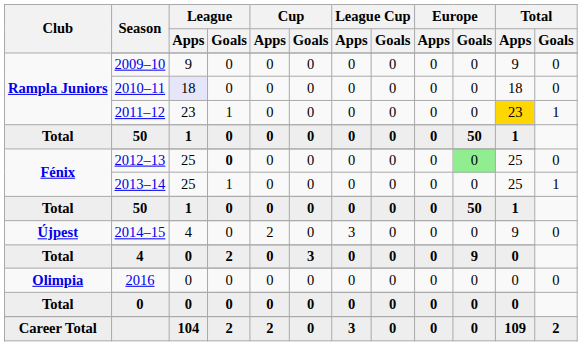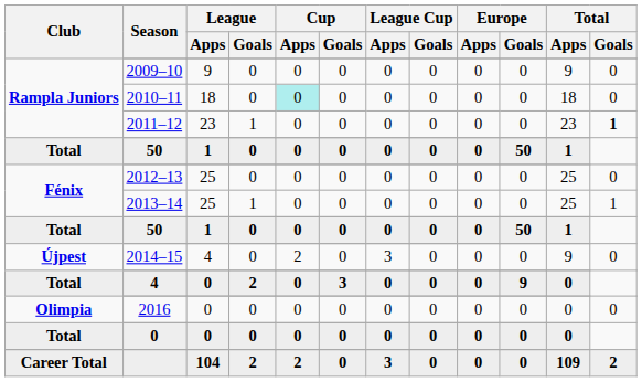 <table class="wikitable" style="font-size:90%; text-align: center;">
 <tr>
 <th rowspan="2">Club</th>
 <th rowspan="2">Season</th>
 <th colspan="2">League</th>
 <th colspan="2">Cup</th>
 <th colspan="2">League Cup</th>
 <th colspan="2">Europe</th>
 <th colspan="2">Total</th>
 </tr>
 <tr>
 <th>Apps</th>
 <th>Goals</th>
 <th>Apps</th>
 <th>Goals</th>
 <th>Apps</th>
 <th>Goals</th>
 <th>Apps</th>
 <th>Goals</th>
 <th>Apps</th>
 <th>Goals</th>
 </tr>
 <tr ||-||-||-|->
 <td rowspan="5" valign="center"><strong><a href='#'>Rampla Juniors</a></strong></td>
 </tr>
 <tr>
 <td><a href='#'>2009–10</a></td>
 <td>9</td>
 <td>0</td>
 <td>0</td>
 <td>0</td>
 <td>0</td>
 <td>0</td>
 <td>0</td>
 <td>0</td>
 <td>9</td>
 <td>0</td>
 </tr>
 <tr>
 <td><a href='#'>2010–11</a></td>
-<td style="background: lavender;">18</td>
+<td>18</td>
 <td>0</td>
-<td>0</td>
+<td style="background: paleturquoise;">0</td>
 <td>0</td>
 <td>0</td>
 <td>0</td>
 <td>0</td>
 <td>0</td>
 <td>18</td>
 <td>0</td>
 </tr>
 <tr>
 <td><a href='#'>2011–12</a></td>
 <td>23</td>
 <td>1</td>
 <td>0</td>
 <td>0</td>
 <td>0</td>
 <td>0</td>
 <td>0</td>
 <td>0</td>
-<td style="background: gold;">23</td>
-<td>1</td>
+<td>23</td>
+<td><strong>1</strong></td>
 </tr>
 <tr>
 </tr>
 <tr style="font-weight:bold; background-color:#eeeeee;">
 <td>Total</td>
 <td>50</td>
 <td>1</td>
 <td>0</td>
 <td>0</td>
 <td>0</td>
 <td>0</td>
 <td>0</td>
 <td>0</td>
 <td>50</td>
 <td>1</td>
 </tr>
 <tr>
 <td rowspan="4" valign="center"><strong><a href='#'>Fénix</a></strong></td>
 </tr>
 <tr>
 <td><a href='#'>2012–13</a></td>
 <td>25</td>
-<td><strong>0</strong></td>
 <td>0</td>
 <td>0</td>
 <td>0</td>
 <td>0</td>
 <td>0</td>
-<td style="background: lightgreen;">0</td>
+<td>0</td>
+<td>0</td>
 <td>25</td>
 <td>0</td>
 </tr>
 <tr>
 <td><a href='#'>2013–14</a></td>
 <td>25</td>
 <td>1</td>
 <td>0</td>
 <td>0</td>
 <td>0</td>
 <td>0</td>
 <td>0</td>
 <td>0</td>
 <td>25</td>
 <td>1</td>
 </tr>
 <tr>
 </tr>
 <tr style="font-weight:bold; background-color:#eeeeee;">
 <td>Total</td>
 <td>50</td>
 <td>1</td>
 <td>0</td>
 <td>0</td>
 <td>0</td>
 <td>0</td>
 <td>0</td>
 <td>0</td>
 <td>50</td>
 <td>1</td>
 </tr>
 <tr>
 <td rowspan="3" valign="center"><strong><a href='#'>Újpest</a></strong></td>
 </tr>
 <tr>
 <td><a href='#'>2014–15</a></td>
 <td>4</td>
 <td>0</td>
 <td>2</td>
 <td>0</td>
 <td>3</td>
 <td>0</td>
 <td>0</td>
 <td>0</td>
 <td>9</td>
 <td>0</td>
 </tr>
 <tr>
 </tr>
 <tr style="font-weight:bold; background-color:#eeeeee;">
 <td>Total</td>
 <td>4</td>
 <td>0</td>
 <td>2</td>
 <td>0</td>
 <td>3</td>
 <td>0</td>
 <td>0</td>
 <td>0</td>
 <td>9</td>
 <td>0</td>
 </tr>
 <tr>
 <td rowspan="3" valign="center"><strong><a href='#'>Olimpia</a></strong></td>
 </tr>
 <tr>
 <td><a href='#'>2016</a></td>
 <td>0</td>
 <td>0</td>
 <td>0</td>
 <td>0</td>
 <td>0</td>
 <td>0</td>
 <td>0</td>
 <td>0</td>
 <td>0</td>
 <td>0</td>
 </tr>
 <tr>
 </tr>
 <tr style="font-weight:bold; background-color:#eeeeee;">
 <td>Total</td>
 <td>0</td>
 <td>0</td>
 <td>0</td>
 <td>0</td>
 <td>0</td>
 <td>0</td>
 <td>0</td>
 <td>0</td>
 <td>0</td>
 <td>0</td>
 </tr>
 <tr>
 </tr>
 <tr style="font-weight:bold; background-color:#eeeeee;">
 <td rowspan="2" valign="top"><strong>Career Total</strong></td>
 <td></td>
 <td><strong>104</strong></td>
 <td><strong>2</strong></td>
 <td><strong>2</strong></td>
 <td><strong>0</strong></td>
 <td><strong>3</strong></td>
 <td><strong>0</strong></td>
 <td><strong>0</strong></td>
 <td><strong>0</strong></td>
 <td><strong>109</strong></td>
 <td><strong>2</strong></td>
 </tr>
 </table>
